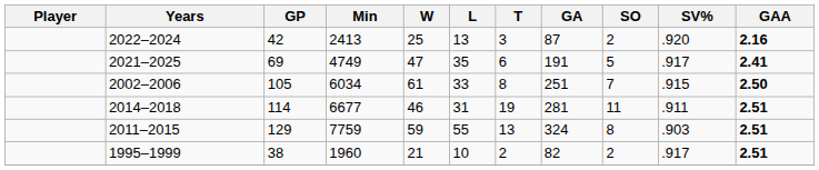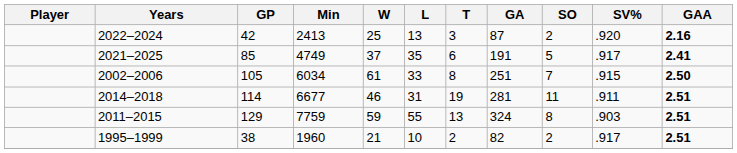 <table class="wikitable sortable" width = 900>
 <tr>
 <th>Player</th>
 <th>Years</th>
 <th>GP</th>
 <th>Min</th>
 <th>W</th>
 <th>L</th>
 <th>T</th>
 <th>GA</th>
 <th>SO</th>
 <th>SV%</th>
 <th>GAA</th>
 </tr>
 <tr>
 <td></td>
 <td>2022–2024</td>
 <td>42</td>
 <td>2413</td>
 <td>25</td>
 <td>13</td>
 <td>3</td>
 <td>87</td>
 <td>2</td>
 <td>.920</td>
 <td><strong>2.16</strong></td>
 </tr>
 <tr>
 <td></td>
 <td>2021–2025</td>
-<td>69</td>
+<td>85</td>
 <td>4749</td>
-<td>47</td>
+<td>37</td>
 <td>35</td>
 <td>6</td>
 <td>191</td>
 <td>5</td>
 <td>.917</td>
 <td><strong>2.41</strong></td>
 </tr>
 <tr>
 <td></td>
 <td>2002–2006</td>
 <td>105</td>
 <td>6034</td>
 <td>61</td>
 <td>33</td>
 <td>8</td>
 <td>251</td>
 <td>7</td>
 <td>.915</td>
 <td><strong>2.50</strong></td>
 </tr>
 <tr>
 <td></td>
 <td>2014–2018</td>
 <td>114</td>
 <td>6677</td>
 <td>46</td>
 <td>31</td>
 <td>19</td>
 <td>281</td>
 <td>11</td>
 <td>.911</td>
 <td><strong>2.51</strong></td>
 </tr>
 <tr>
 <td></td>
 <td>2011–2015</td>
 <td>129</td>
 <td>7759</td>
 <td>59</td>
 <td>55</td>
 <td>13</td>
 <td>324</td>
 <td>8</td>
 <td>.903</td>
 <td><strong>2.51</strong></td>
 </tr>
 <tr>
 <td></td>
 <td>1995–1999</td>
 <td>38</td>
 <td>1960</td>
 <td>21</td>
 <td>10</td>
 <td>2</td>
 <td>82</td>
 <td>2</td>
 <td>.917</td>
 <td><strong>2.51</strong></td>
 </tr>
 <tr>
 </tr>
 </table>
